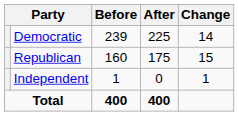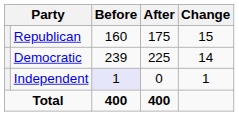 <table class="wikitable" style="text-align:center;">
 <tr>
 <th colspan="2">Party</th>
 <th>Before</th>
 <th>After</th>
 <th>Change</th>
+</tr>
+<tr>
+<th style="background-color:"></th>
+<td style="text-align:left;"><a href='#'>Republican</a></td>
+<td>160</td>
+<td>175</td>
+<td> 15</td>
 </tr>
 <tr>
 <th style="background-color:"></th>
 <td style="text-align:left;"><a href='#'>Democratic</a></td>
 <td>239</td>
 <td>225</td>
 <td> 14</td>
 </tr>
 <tr>
 <th style="background-color:"></th>
-<td style="text-align:left;"><a href='#'>Republican</a></td>
-<td>160</td>
-<td>175</td>
-<td> 15</td>
-</tr>
-<tr>
-<th style="background-color:"></th>
 <td style="text-align:left;"><a href='#'>Independent</a></td>
-<td>1</td>
+<td style="background: lavender;">1</td>
 <td>0</td>
 <td> 1</td>
 </tr>
 <tr>
 <td colspan="2"><strong>Total</strong></td>
 <td><strong>400</strong></td>
 <td><strong>400</strong></td>
 <td></td>
 </tr>
 </table>
